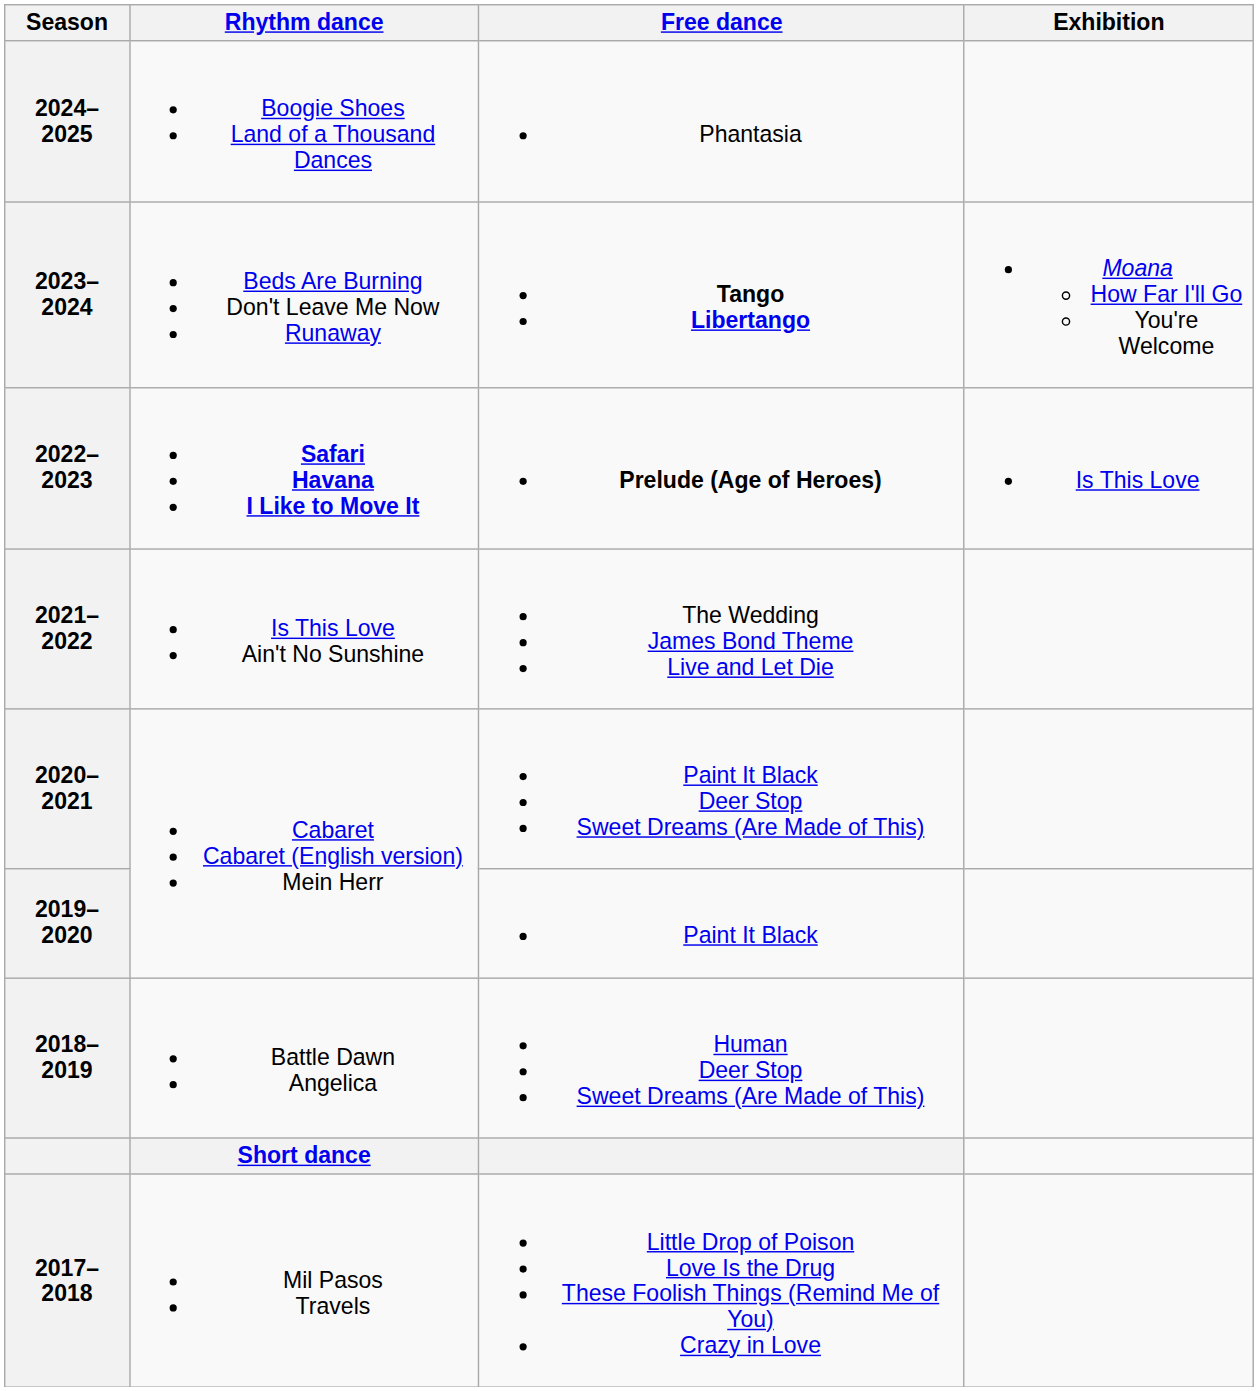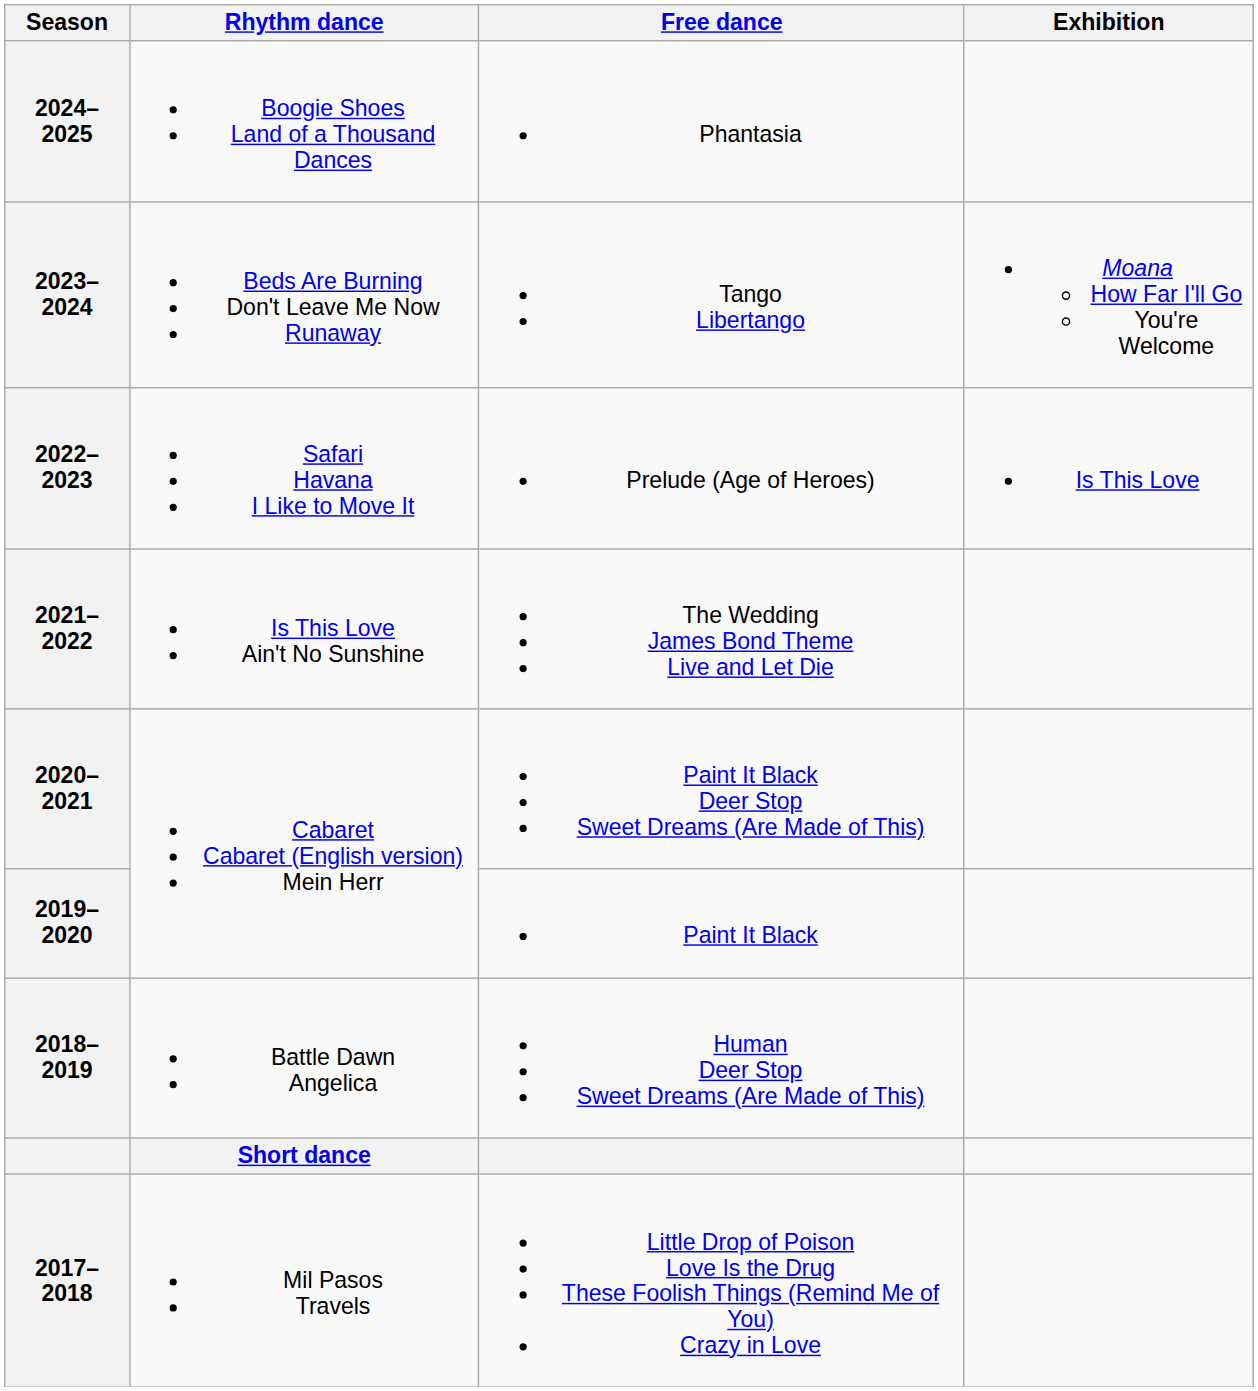 <table class=wikitable style=text-align:center>
 <tr>
 <th>Season</th>
 <th><a href='#'>Rhythm dance</a></th>
 <th><a href='#'>Free dance</a></th>
 <th>Exhibition</th>
 </tr>
 <tr>
 <th>2024–2025 <br></th>
 <td><br><ul><li><a href='#'>Boogie Shoes</a> <br></li><li><a href='#'>Land of a Thousand Dances</a><br></li></ul></td>
 <td><br><ul><li>Phantasia <br></li></ul></td>
 <td></td>
 </tr>
 <tr>
 <th>2023–2024 <br></th>
 <td><br><ul><li><a href='#'>Beds Are Burning</a> <br></li><li>Don't Leave Me Now <br></li><li><a href='#'>Runaway</a><br></li></ul></td>
-<td><strong><br><ul><li>Tango <br></li><li><a href='#'>Libertango</a> <br></li></ul></strong></td>
+<td><br><ul><li>Tango <br></li><li><a href='#'>Libertango</a> <br></li></ul></td>
 <td><br><ul><li><em><a href='#'>Moana</a></em><ul><li><a href='#'>How Far I'll Go</a> <br></li><li>You're Welcome <br></li></ul></li></ul></td>
 </tr>
 <tr>
 <th>2022–2023 <br></th>
-<td><strong><br><ul><li> <a href='#'>Safari</a> <br></li><li> <a href='#'>Havana</a> <br></li><li> <a href='#'>I Like to Move It</a><br></li></ul></strong></td>
-<td><strong><br><ul><li>Prelude (Age of Heroes) <br></li></ul></strong></td>
+<td><br><ul><li> <a href='#'>Safari</a> <br></li><li> <a href='#'>Havana</a> <br></li><li> <a href='#'>I Like to Move It</a><br></li></ul></td>
+<td><br><ul><li>Prelude (Age of Heroes) <br></li></ul></td>
 <td><br><ul><li><a href='#'>Is This Love</a> <br> </li></ul></td>
 </tr>
 <tr>
 <th>2021–2022<br></th>
 <td><br><ul><li><a href='#'>Is This Love</a> <br> </li><li> Ain't No Sunshine <br> </li></ul></td>
 <td><br><ul><li>The Wedding <br></li><li><a href='#'>James Bond Theme</a> <br> </li><li><a href='#'>Live and Let Die</a><br></li></ul></td>
 <td></td>
 </tr>
 <tr>
 <th>2020–2021<br></th>
 <td rowspan=2><br><ul><li> <a href='#'>Cabaret</a><br></li><li> <a href='#'>Cabaret (English version)</a><br></li><li> Mein Herr<br></li></ul></td>
 <td><br><ul><li><a href='#'>Paint It Black</a><br></li><li><a href='#'>Deer Stop</a><br></li><li><a href='#'>Sweet Dreams (Are Made of This)</a><br></li></ul></td>
 <td></td>
 </tr>
 <tr>
 <th>2019–2020<br></th>
 <td><br><ul><li><a href='#'>Paint It Black</a><br></li></ul></td>
 </tr>
 <tr>
 <th>2018–2019<br></th>
 <td><br><ul><li> Battle Dawn<br></li><li> Angelica<br></li></ul></td>
 <td><br><ul><li><a href='#'>Human</a><br></li><li><a href='#'>Deer Stop</a><br></li><li><a href='#'>Sweet Dreams (Are Made of This)</a><br></li></ul></td>
 <td></td>
 </tr>
 <tr>
 <th></th>
 <th><a href='#'>Short dance</a></th>
 <th></th>
 </tr>
 <tr>
 <th>2017–2018<br></th>
 <td><br><ul><li> Mil Pasos<br></li><li> Travels<br></li></ul></td>
 <td><br><ul><li><a href='#'>Little Drop of Poison</a><br></li><li><a href='#'>Love Is the Drug</a><br></li><li><a href='#'>These Foolish Things (Remind Me of You)</a><br></li><li><a href='#'>Crazy in Love</a><br></li></ul></td>
 <td></td>
 </tr>
 </table>
